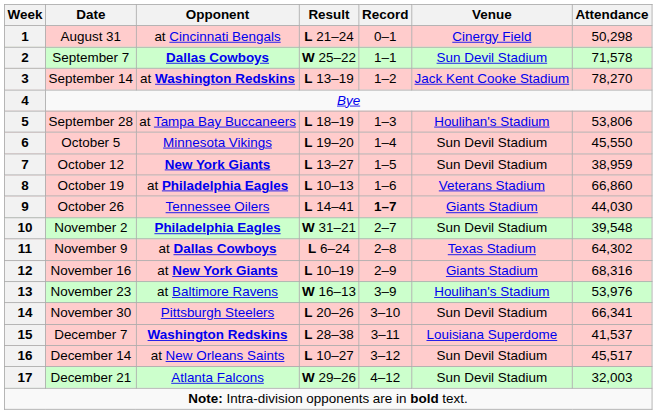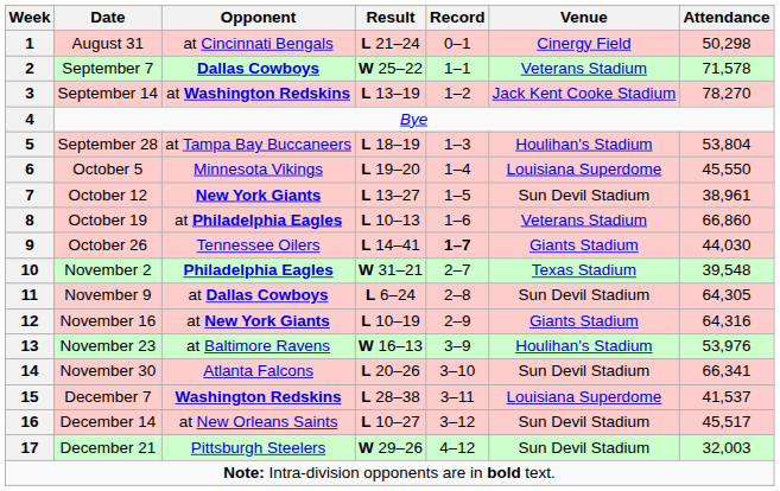 <table class="wikitable" style="text-align:center">
 <tr>
 <th>Week</th>
 <th>Date</th>
 <th>Opponent</th>
 <th>Result</th>
 <th>Record</th>
 <th>Venue</th>
 <th>Attendance</th>
 </tr>
 <tr style="background:#fcc">
 <th>1</th>
 <td>August 31</td>
 <td>at <a href='#'>Cincinnati Bengals</a></td>
 <td><strong>L</strong> 21–24</td>
 <td>0–1</td>
 <td><a href='#'>Cinergy Field</a></td>
 <td>50,298</td>
 </tr>
 <tr style="background:#cfc">
 <th>2</th>
 <td>September 7</td>
 <td><strong><a href='#'>Dallas Cowboys</a></strong></td>
 <td><strong>W</strong> 25–22 </td>
 <td>1–1</td>
-<td><a href='#'>Sun Devil Stadium</a></td>
+<td><a href='#'>Veterans Stadium</a></td>
 <td>71,578</td>
 </tr>
 <tr style="background:#fcc">
 <th>3</th>
 <td>September 14</td>
 <td>at <strong><a href='#'>Washington Redskins</a></strong></td>
 <td><strong>L</strong> 13–19</td>
 <td>1–2</td>
 <td><a href='#'>Jack Kent Cooke Stadium</a></td>
 <td>78,270</td>
 </tr>
 <tr>
 <th>4</th>
 <td colspan="7"><em><a href='#'>Bye</a></em></td>
 </tr>
 <tr style="background:#fcc">
 <th>5</th>
 <td>September 28</td>
 <td>at <a href='#'>Tampa Bay Buccaneers</a></td>
 <td><strong>L</strong> 18–19</td>
 <td>1–3</td>
 <td><a href='#'>Houlihan's Stadium</a></td>
-<td>53,806</td>
+<td>53,804</td>
 </tr>
 <tr style="background:#fcc">
 <th>6</th>
 <td>October 5</td>
 <td><a href='#'>Minnesota Vikings</a></td>
 <td><strong>L</strong> 19–20</td>
 <td>1–4</td>
-<td>Sun Devil Stadium</td>
+<td><a href='#'>Louisiana Superdome</a></td>
 <td>45,550</td>
 </tr>
 <tr style="background:#fcc">
 <th>7</th>
 <td>October 12</td>
 <td><strong><a href='#'>New York Giants</a></strong></td>
 <td><strong>L</strong> 13–27</td>
 <td>1–5</td>
 <td>Sun Devil Stadium</td>
-<td>38,959</td>
+<td>38,961</td>
 </tr>
 <tr style="background:#fcc">
 <th>8</th>
 <td>October 19</td>
 <td>at <strong><a href='#'>Philadelphia Eagles</a></strong></td>
 <td><strong>L</strong> 10–13</td>
 <td>1–6</td>
 <td><a href='#'>Veterans Stadium</a></td>
 <td>66,860</td>
 </tr>
 <tr style="background:#fcc">
 <th>9</th>
 <td>October 26</td>
 <td><a href='#'>Tennessee Oilers</a></td>
 <td><strong>L</strong> 14–41</td>
 <td><strong>1–7</strong></td>
 <td><a href='#'>Giants Stadium</a></td>
 <td>44,030</td>
 </tr>
 <tr style="background:#cfc">
 <th>10</th>
 <td>November 2</td>
 <td><strong><a href='#'>Philadelphia Eagles</a></strong></td>
 <td><strong>W</strong> 31–21</td>
 <td>2–7</td>
-<td>Sun Devil Stadium</td>
+<td><a href='#'>Texas Stadium</a></td>
 <td>39,548</td>
 </tr>
 <tr style="background:#fcc">
 <th>11</th>
 <td>November 9</td>
 <td>at <strong><a href='#'>Dallas Cowboys</a></strong></td>
 <td><strong>L</strong> 6–24</td>
 <td>2–8</td>
-<td><a href='#'>Texas Stadium</a></td>
-<td>64,302</td>
+<td>Sun Devil Stadium</td>
+<td>64,305</td>
 </tr>
 <tr style="background:#fcc">
 <th>12</th>
 <td>November 16</td>
 <td>at <strong><a href='#'>New York Giants</a></strong></td>
 <td><strong>L</strong> 10–19</td>
 <td>2–9</td>
 <td><a href='#'>Giants Stadium</a></td>
-<td>68,316</td>
+<td>64,316</td>
 </tr>
 <tr style="background:#cfc">
 <th>13</th>
 <td>November 23</td>
 <td>at <a href='#'>Baltimore Ravens</a></td>
 <td><strong>W</strong> 16–13</td>
 <td>3–9</td>
 <td><a href='#'>Houlihan's Stadium</a></td>
 <td>53,976</td>
 </tr>
 <tr style="background:#fcc">
 <th>14</th>
 <td>November 30</td>
-<td><a href='#'>Pittsburgh Steelers</a></td>
+<td><a href='#'>Atlanta Falcons</a></td>
 <td><strong>L</strong> 20–26</td>
 <td>3–10</td>
 <td>Sun Devil Stadium</td>
 <td>66,341</td>
 </tr>
 <tr style="background:#fcc">
 <th>15</th>
 <td>December 7</td>
 <td><strong><a href='#'>Washington Redskins</a></strong></td>
 <td><strong>L</strong> 28–38</td>
 <td>3–11</td>
 <td><a href='#'>Louisiana Superdome</a></td>
 <td>41,537</td>
 </tr>
 <tr style="background:#fcc">
 <th>16</th>
 <td>December 14</td>
 <td>at <a href='#'>New Orleans Saints</a></td>
 <td><strong>L</strong> 10–27</td>
 <td>3–12</td>
 <td>Sun Devil Stadium</td>
 <td>45,517</td>
 </tr>
 <tr style="background:#cfc">
 <th>17</th>
 <td>December 21</td>
-<td><a href='#'>Atlanta Falcons</a></td>
+<td><a href='#'>Pittsburgh Steelers</a></td>
 <td><strong>W</strong> 29–26</td>
 <td>4–12</td>
 <td>Sun Devil Stadium</td>
 <td>32,003</td>
 </tr>
 <tr>
 <td colspan="8"><strong>Note:</strong> Intra-division opponents are in <strong>bold</strong> text.</td>
 </tr>
 </table>
